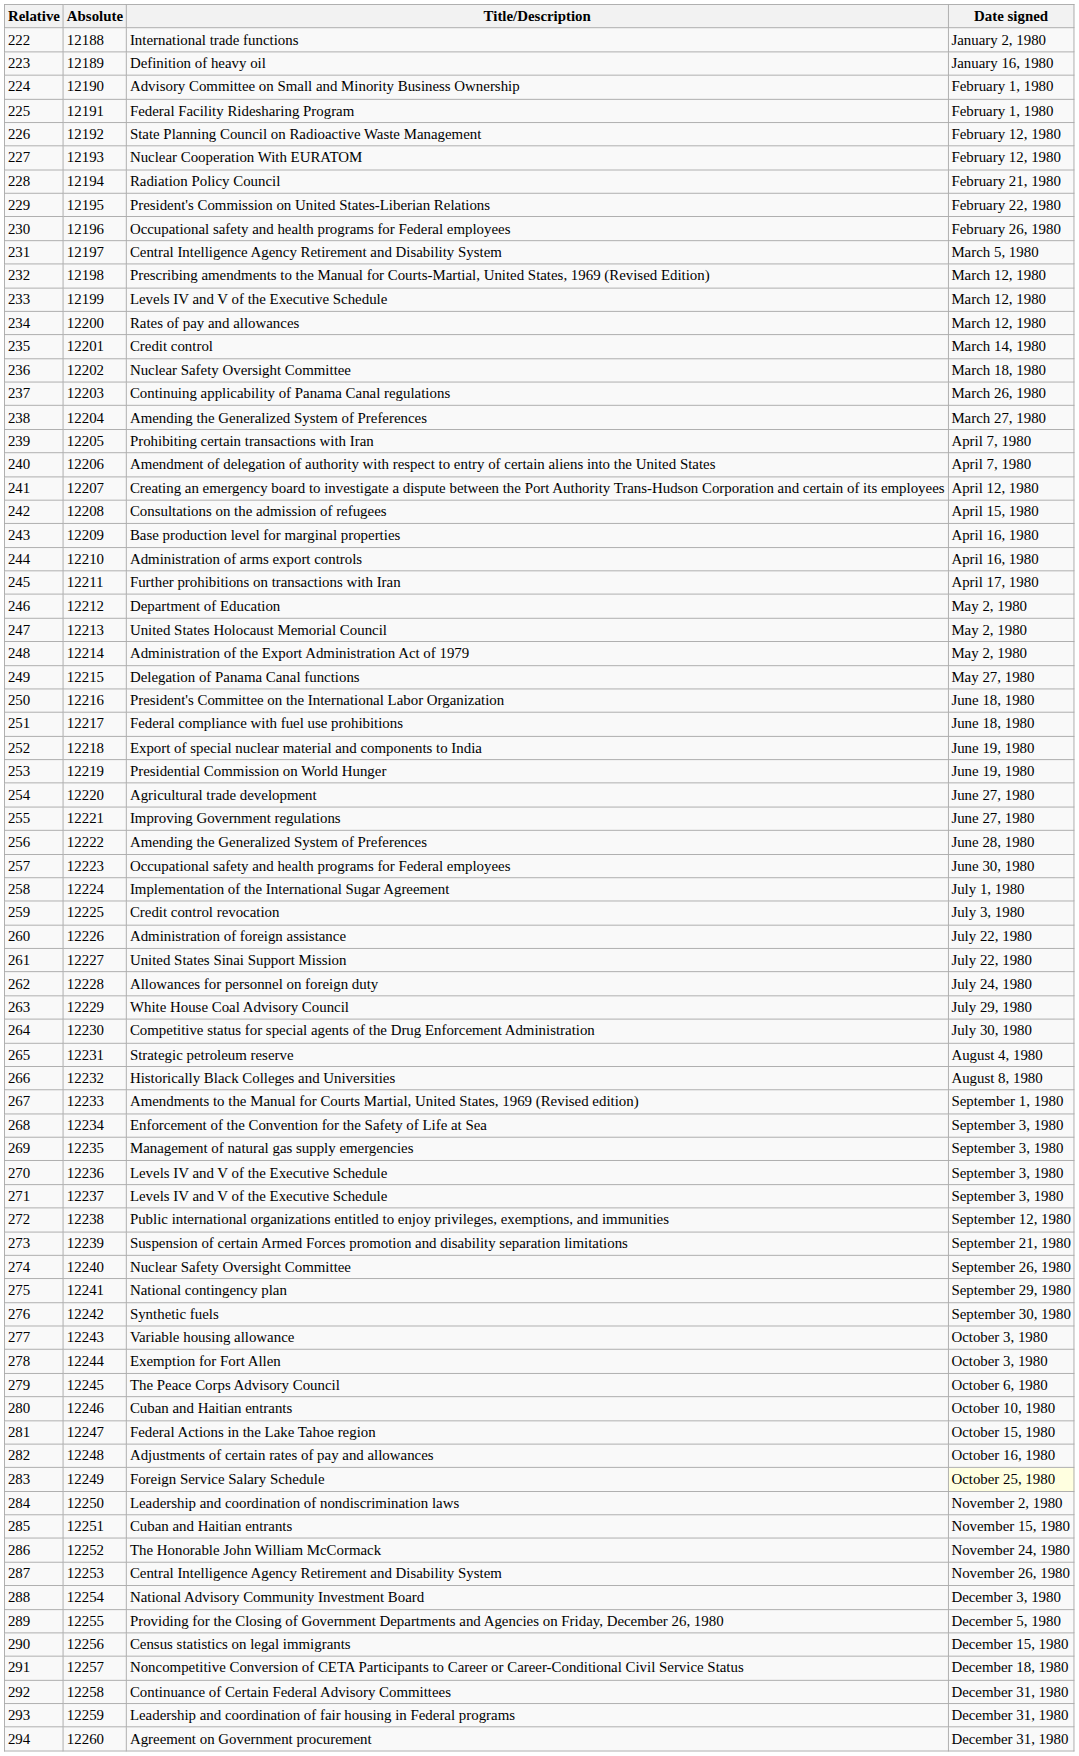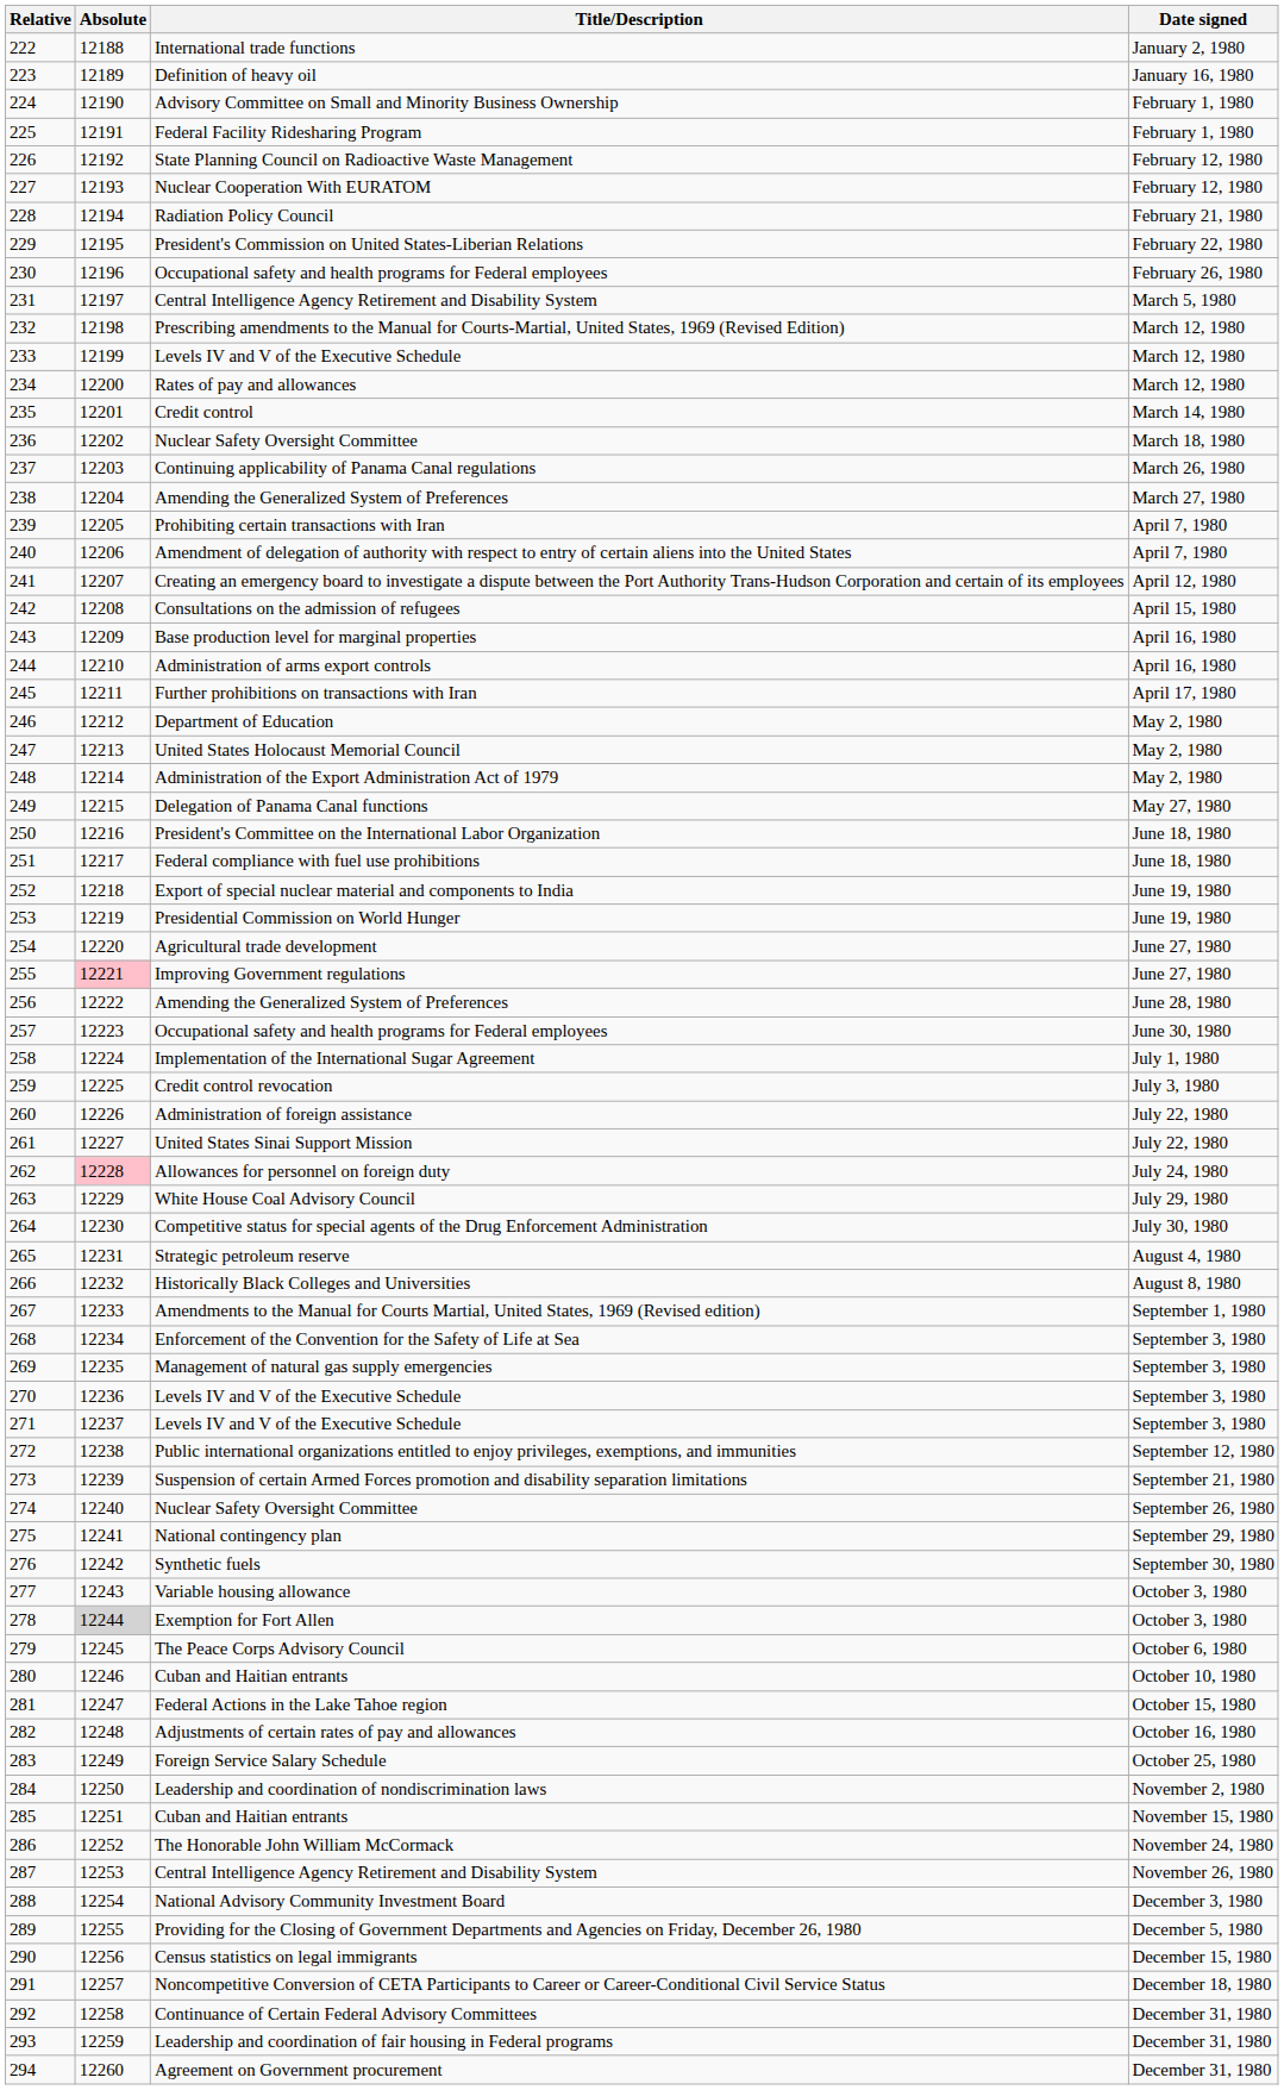 <table class="wikitable">
 <tr>
 <th>Relative </th>
 <th>Absolute </th>
 <th>Title/Description</th>
 <th>Date signed</th>
 </tr>
 <tr>
 <td>222</td>
 <td>12188</td>
 <td>International trade functions</td>
 <td>January 2, 1980</td>
 </tr>
 <tr>
 <td>223</td>
 <td>12189</td>
 <td>Definition of heavy oil</td>
 <td>January 16, 1980</td>
 </tr>
 <tr>
 <td>224</td>
 <td>12190</td>
 <td>Advisory Committee on Small and Minority Business Ownership</td>
 <td>February 1, 1980</td>
 </tr>
 <tr>
 <td>225</td>
 <td>12191</td>
 <td>Federal Facility Ridesharing Program</td>
 <td>February 1, 1980</td>
 </tr>
 <tr>
 <td>226</td>
 <td>12192</td>
 <td>State Planning Council on Radioactive Waste Management</td>
 <td>February 12, 1980</td>
 </tr>
 <tr>
 <td>227</td>
 <td>12193</td>
 <td>Nuclear Cooperation With EURATOM</td>
 <td>February 12, 1980</td>
 </tr>
 <tr>
 <td>228</td>
 <td>12194</td>
 <td>Radiation Policy Council</td>
 <td>February 21, 1980</td>
 </tr>
 <tr>
 <td>229</td>
 <td>12195</td>
 <td>President's Commission on United States-Liberian Relations</td>
 <td>February 22, 1980</td>
 </tr>
 <tr>
 <td>230</td>
 <td>12196</td>
 <td>Occupational safety and health programs for Federal employees</td>
 <td>February 26, 1980</td>
 </tr>
 <tr>
 <td>231</td>
 <td>12197</td>
 <td>Central Intelligence Agency Retirement and Disability System</td>
 <td>March 5, 1980</td>
 </tr>
 <tr>
 <td>232</td>
 <td>12198</td>
 <td>Prescribing amendments to the Manual for Courts-Martial, United States, 1969 (Revised Edition)</td>
 <td>March 12, 1980</td>
 </tr>
 <tr>
 <td>233</td>
 <td>12199</td>
 <td>Levels IV and V of the Executive Schedule</td>
 <td>March 12, 1980</td>
 </tr>
 <tr>
 <td>234</td>
 <td>12200</td>
 <td>Rates of pay and allowances</td>
 <td>March 12, 1980</td>
 </tr>
 <tr>
 <td>235</td>
 <td>12201</td>
 <td>Credit control</td>
 <td>March 14, 1980</td>
 </tr>
 <tr>
 <td>236</td>
 <td>12202</td>
 <td>Nuclear Safety Oversight Committee</td>
 <td>March 18, 1980</td>
 </tr>
 <tr>
 <td>237</td>
 <td>12203</td>
 <td>Continuing applicability of Panama Canal regulations</td>
 <td>March 26, 1980</td>
 </tr>
 <tr>
 <td>238</td>
 <td>12204</td>
 <td>Amending the Generalized System of Preferences</td>
 <td>March 27, 1980</td>
 </tr>
 <tr>
 <td>239</td>
 <td>12205</td>
 <td>Prohibiting certain transactions with Iran</td>
 <td>April 7, 1980</td>
 </tr>
 <tr>
 <td>240</td>
 <td>12206</td>
 <td>Amendment of delegation of authority with respect to entry of certain aliens into the United States</td>
 <td>April 7, 1980</td>
 </tr>
 <tr>
 <td>241</td>
 <td>12207</td>
 <td>Creating an emergency board to investigate a dispute between the Port Authority Trans-Hudson Corporation and certain of its employees</td>
 <td>April 12, 1980</td>
 </tr>
 <tr>
 <td>242</td>
 <td>12208</td>
 <td>Consultations on the admission of refugees</td>
 <td>April 15, 1980</td>
 </tr>
 <tr>
 <td>243</td>
 <td>12209</td>
 <td>Base production level for marginal properties</td>
 <td>April 16, 1980</td>
 </tr>
 <tr>
 <td>244</td>
 <td>12210</td>
 <td>Administration of arms export controls</td>
 <td>April 16, 1980</td>
 </tr>
 <tr>
 <td>245</td>
 <td>12211</td>
 <td>Further prohibitions on transactions with Iran</td>
 <td>April 17, 1980</td>
 </tr>
 <tr>
 <td>246</td>
 <td>12212</td>
 <td>Department of Education</td>
 <td>May 2, 1980</td>
 </tr>
 <tr>
 <td>247</td>
 <td>12213</td>
 <td>United States Holocaust Memorial Council</td>
 <td>May 2, 1980</td>
 </tr>
 <tr>
 <td>248</td>
 <td>12214</td>
 <td>Administration of the Export Administration Act of 1979</td>
 <td>May 2, 1980</td>
 </tr>
 <tr>
 <td>249</td>
 <td>12215</td>
 <td>Delegation of Panama Canal functions</td>
 <td>May 27, 1980</td>
 </tr>
 <tr>
 <td>250</td>
 <td>12216</td>
 <td>President's Committee on the International Labor Organization</td>
 <td>June 18, 1980</td>
 </tr>
 <tr>
 <td>251</td>
 <td>12217</td>
 <td>Federal compliance with fuel use prohibitions</td>
 <td>June 18, 1980</td>
 </tr>
 <tr>
 <td>252</td>
 <td>12218</td>
 <td>Export of special nuclear material and components to India</td>
 <td>June 19, 1980</td>
 </tr>
 <tr>
 <td>253</td>
 <td>12219</td>
 <td>Presidential Commission on World Hunger</td>
 <td>June 19, 1980</td>
 </tr>
 <tr>
 <td>254</td>
 <td>12220</td>
 <td>Agricultural trade development</td>
 <td>June 27, 1980</td>
 </tr>
 <tr>
 <td>255</td>
-<td>12221</td>
+<td style="background: pink;">12221</td>
 <td>Improving Government regulations</td>
 <td>June 27, 1980</td>
 </tr>
 <tr>
 <td>256</td>
 <td>12222</td>
 <td>Amending the Generalized System of Preferences</td>
 <td>June 28, 1980</td>
 </tr>
 <tr>
 <td>257</td>
 <td>12223</td>
 <td>Occupational safety and health programs for Federal employees</td>
 <td>June 30, 1980</td>
 </tr>
 <tr>
 <td>258</td>
 <td>12224</td>
 <td>Implementation of the International Sugar Agreement</td>
 <td>July 1, 1980</td>
 </tr>
 <tr>
 <td>259</td>
 <td>12225</td>
 <td>Credit control revocation</td>
 <td>July 3, 1980</td>
 </tr>
 <tr>
 <td>260</td>
 <td>12226</td>
 <td>Administration of foreign assistance</td>
 <td>July 22, 1980</td>
 </tr>
 <tr>
 <td>261</td>
 <td>12227</td>
 <td>United States Sinai Support Mission</td>
 <td>July 22, 1980</td>
 </tr>
 <tr>
 <td>262</td>
-<td>12228</td>
+<td style="background: pink;">12228</td>
 <td>Allowances for personnel on foreign duty</td>
 <td>July 24, 1980</td>
 </tr>
 <tr>
 <td>263</td>
 <td>12229</td>
 <td>White House Coal Advisory Council</td>
 <td>July 29, 1980</td>
 </tr>
 <tr>
 <td>264</td>
 <td>12230</td>
 <td>Competitive status for special agents of the Drug Enforcement Administration</td>
 <td>July 30, 1980</td>
 </tr>
 <tr>
 <td>265</td>
 <td>12231</td>
 <td>Strategic petroleum reserve</td>
 <td>August 4, 1980</td>
 </tr>
 <tr>
 <td>266</td>
 <td>12232</td>
 <td>Historically Black Colleges and Universities</td>
 <td>August 8, 1980</td>
 </tr>
 <tr>
 <td>267</td>
 <td>12233</td>
 <td>Amendments to the Manual for Courts Martial, United States, 1969 (Revised edition)</td>
 <td>September 1, 1980</td>
 </tr>
 <tr>
 <td>268</td>
 <td>12234</td>
 <td>Enforcement of the Convention for the Safety of Life at Sea</td>
 <td>September 3, 1980</td>
 </tr>
 <tr>
 <td>269</td>
 <td>12235</td>
 <td>Management of natural gas supply emergencies</td>
 <td>September 3, 1980</td>
 </tr>
 <tr>
 <td>270</td>
 <td>12236</td>
 <td>Levels IV and V of the Executive Schedule</td>
 <td>September 3, 1980</td>
 </tr>
 <tr>
 <td>271</td>
 <td>12237</td>
 <td>Levels IV and V of the Executive Schedule</td>
 <td>September 3, 1980</td>
 </tr>
 <tr>
 <td>272</td>
 <td>12238</td>
 <td>Public international organizations entitled to enjoy privileges, exemptions, and immunities</td>
 <td>September 12, 1980</td>
 </tr>
 <tr>
 <td>273</td>
 <td>12239</td>
 <td>Suspension of certain Armed Forces promotion and disability separation limitations</td>
 <td>September 21, 1980</td>
 </tr>
 <tr>
 <td>274</td>
 <td>12240</td>
 <td>Nuclear Safety Oversight Committee</td>
 <td>September 26, 1980</td>
 </tr>
 <tr>
 <td>275</td>
 <td>12241</td>
 <td>National contingency plan</td>
 <td>September 29, 1980</td>
 </tr>
 <tr>
 <td>276</td>
 <td>12242</td>
 <td>Synthetic fuels</td>
 <td>September 30, 1980</td>
 </tr>
 <tr>
 <td>277</td>
 <td>12243</td>
 <td>Variable housing allowance</td>
 <td>October 3, 1980</td>
 </tr>
 <tr>
 <td>278</td>
-<td>12244</td>
+<td style="background: lightgrey;">12244</td>
 <td>Exemption for Fort Allen</td>
 <td>October 3, 1980</td>
 </tr>
 <tr>
 <td>279</td>
 <td>12245</td>
 <td>The Peace Corps Advisory Council</td>
 <td>October 6, 1980</td>
 </tr>
 <tr>
 <td>280</td>
 <td>12246</td>
 <td>Cuban and Haitian entrants</td>
 <td>October 10, 1980</td>
 </tr>
 <tr>
 <td>281</td>
 <td>12247</td>
 <td>Federal Actions in the Lake Tahoe region</td>
 <td>October 15, 1980</td>
 </tr>
 <tr>
 <td>282</td>
 <td>12248</td>
 <td>Adjustments of certain rates of pay and allowances</td>
 <td>October 16, 1980</td>
 </tr>
 <tr>
 <td>283</td>
 <td>12249</td>
 <td>Foreign Service Salary Schedule</td>
-<td style="background: lightyellow;">October 25, 1980</td>
+<td>October 25, 1980</td>
 </tr>
 <tr>
 <td>284</td>
 <td>12250</td>
 <td>Leadership and coordination of nondiscrimination laws</td>
 <td>November 2, 1980</td>
 </tr>
 <tr>
 <td>285</td>
 <td>12251</td>
 <td>Cuban and Haitian entrants</td>
 <td>November 15, 1980</td>
 </tr>
 <tr>
 <td>286</td>
 <td>12252</td>
 <td>The Honorable John William McCormack</td>
 <td>November 24, 1980</td>
 </tr>
 <tr>
 <td>287</td>
 <td>12253</td>
 <td>Central Intelligence Agency Retirement and Disability System</td>
 <td>November 26, 1980</td>
 </tr>
 <tr>
 <td>288</td>
 <td>12254</td>
 <td>National Advisory Community Investment Board</td>
 <td>December 3, 1980</td>
 </tr>
 <tr>
 <td>289</td>
 <td>12255</td>
 <td>Providing for the Closing of Government Departments and Agencies on Friday, December 26, 1980</td>
 <td>December 5, 1980</td>
 </tr>
 <tr>
 <td>290</td>
 <td>12256</td>
 <td>Census statistics on legal immigrants</td>
 <td>December 15, 1980</td>
 </tr>
 <tr>
 <td>291</td>
 <td>12257</td>
 <td>Noncompetitive Conversion of CETA Participants to Career or Career-Conditional Civil Service Status</td>
 <td>December 18, 1980</td>
 </tr>
 <tr>
 <td>292</td>
 <td>12258</td>
 <td>Continuance of Certain Federal Advisory Committees</td>
 <td>December 31, 1980</td>
 </tr>
 <tr>
 <td>293</td>
 <td>12259</td>
 <td>Leadership and coordination of fair housing in Federal programs</td>
 <td>December 31, 1980</td>
 </tr>
 <tr>
 <td>294</td>
 <td>12260</td>
 <td>Agreement on Government procurement</td>
 <td>December 31, 1980</td>
 </tr>
 </table>
